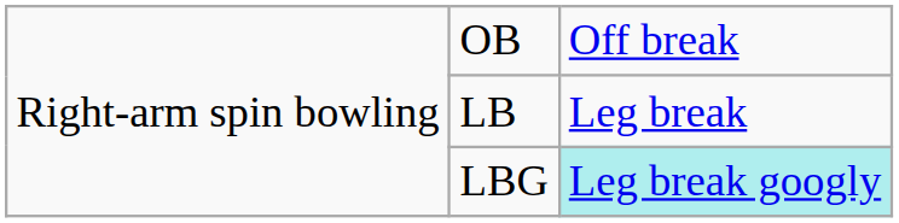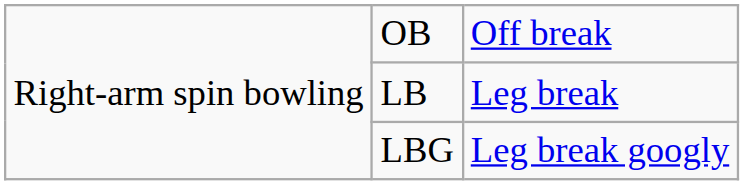 <table class="wikitable">
 <tr>
 <td rowspan="3" align="left">Right-arm spin bowling</td>
 <td>OB</td>
 <td><a href='#'>Off break</a></td>
 </tr>
 <tr>
 <td>LB</td>
 <td><a href='#'>Leg break</a></td>
 </tr>
 <tr>
 <td>LBG</td>
-<td style="background: paleturquoise;"><a href='#'>Leg break googly</a></td>
+<td><a href='#'>Leg break googly</a></td>
 </tr>
 </table>
